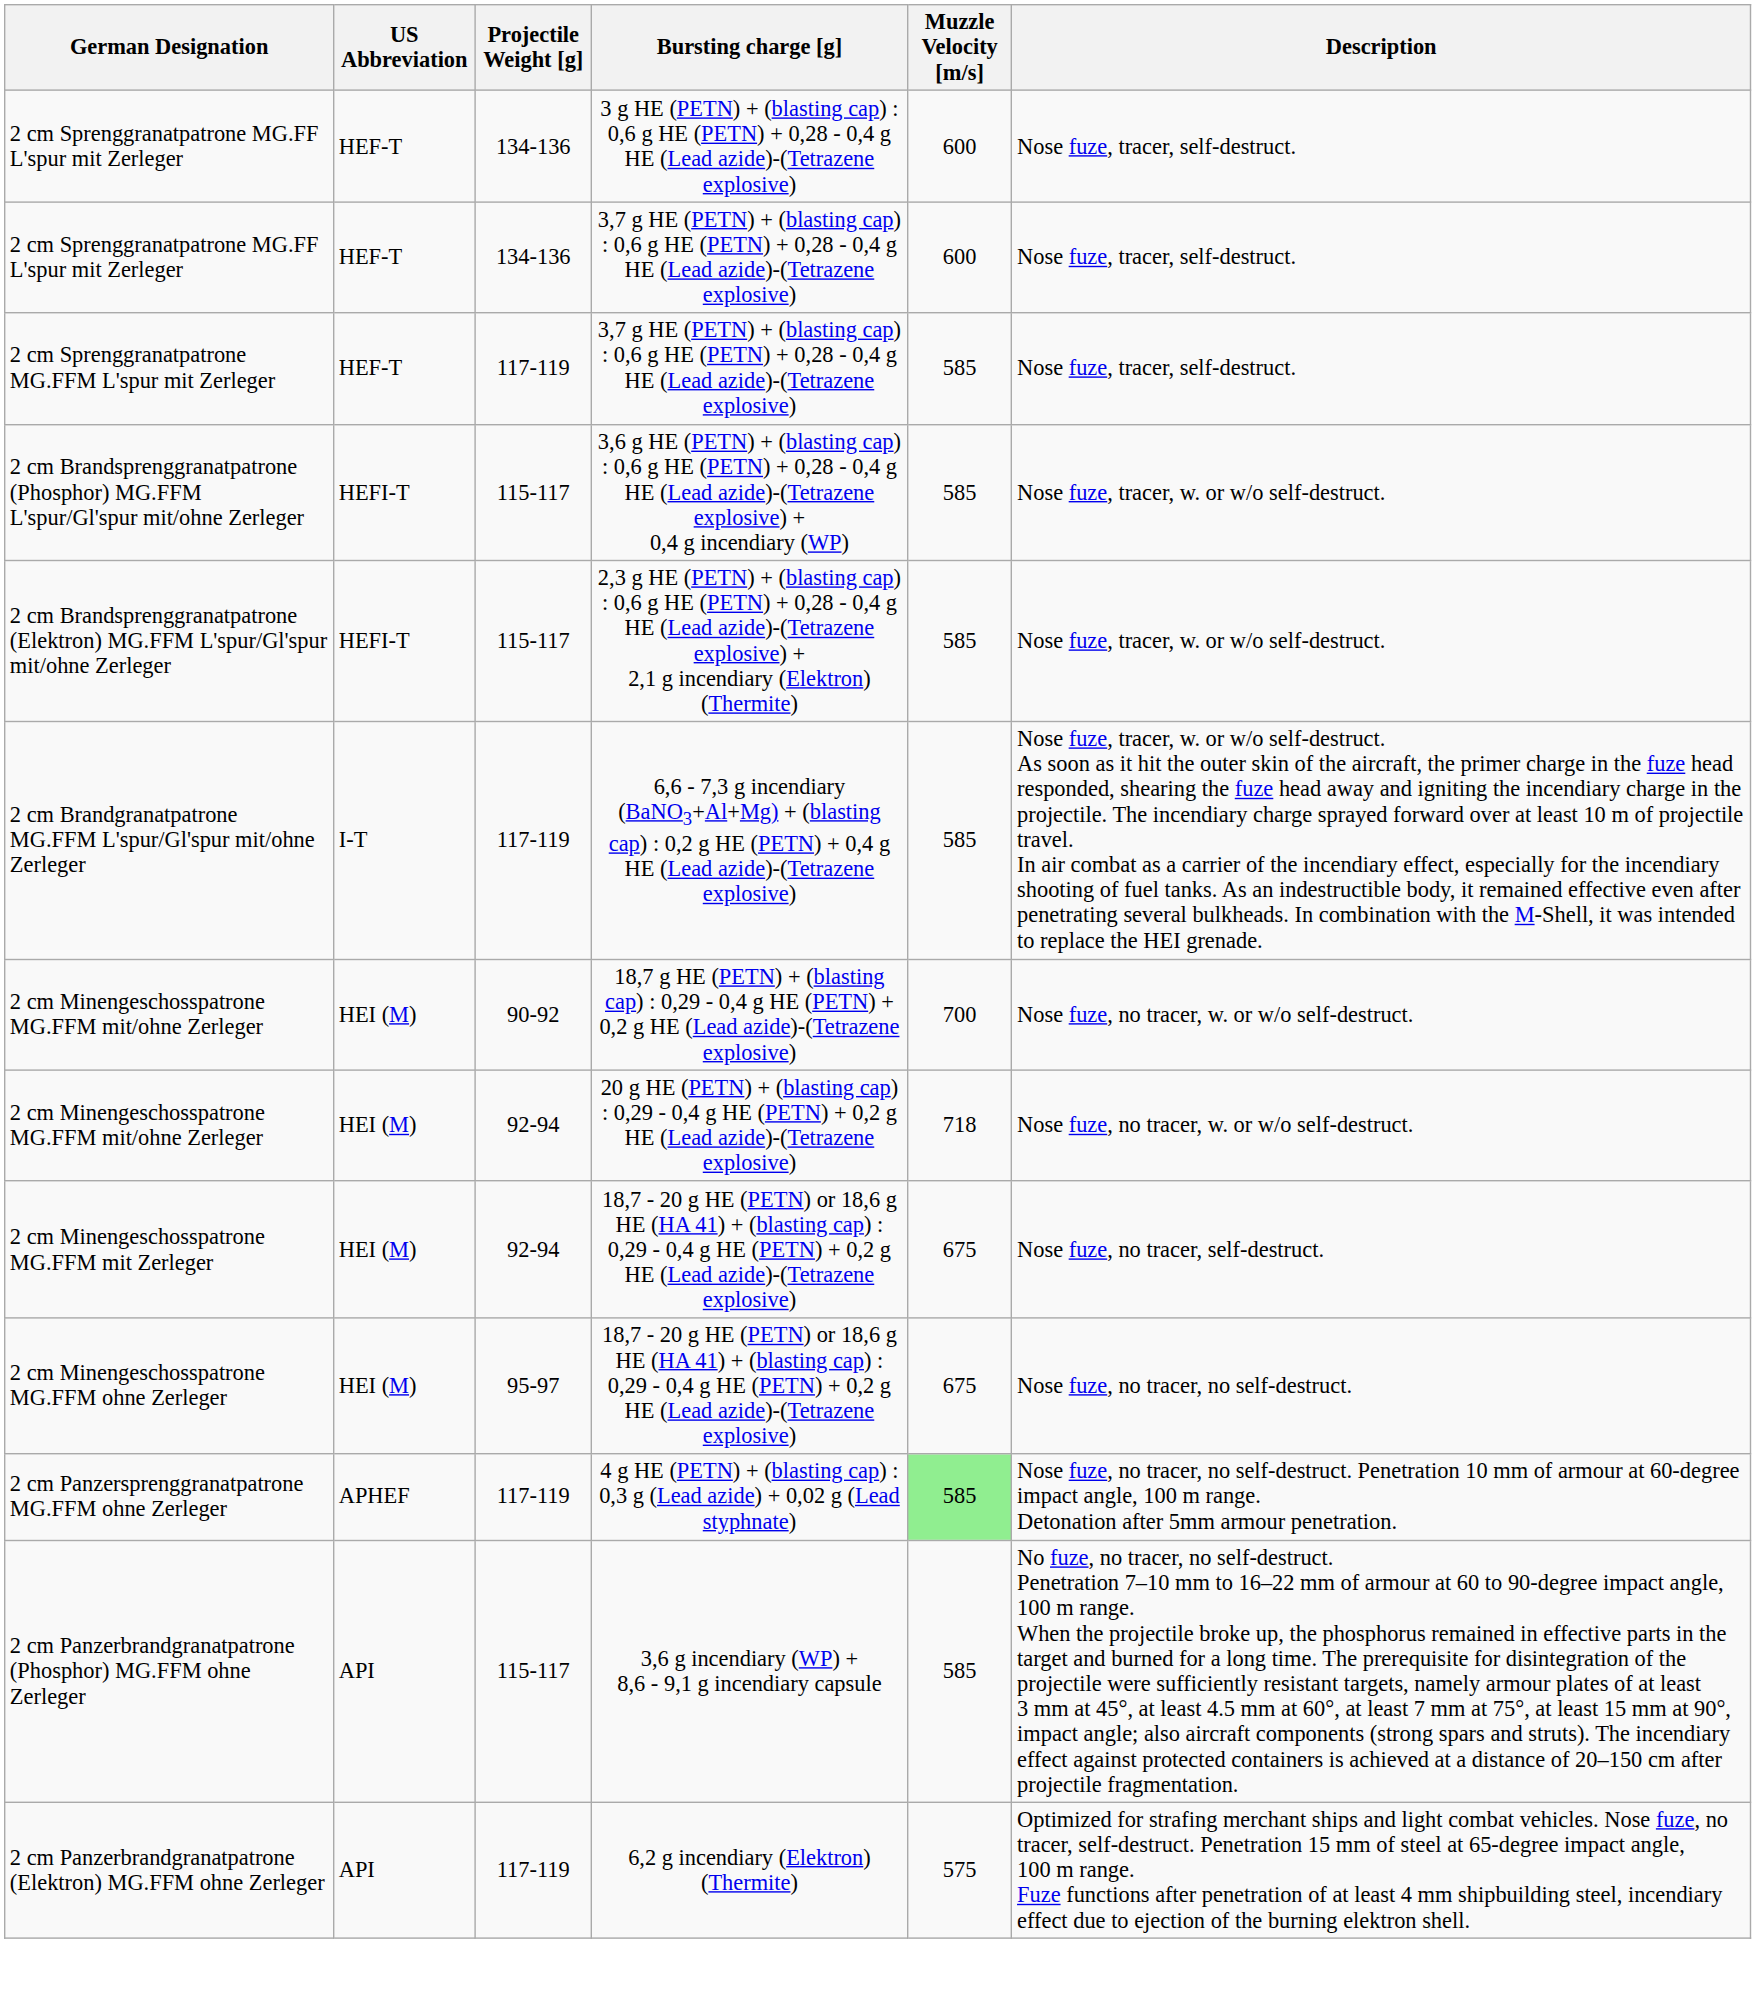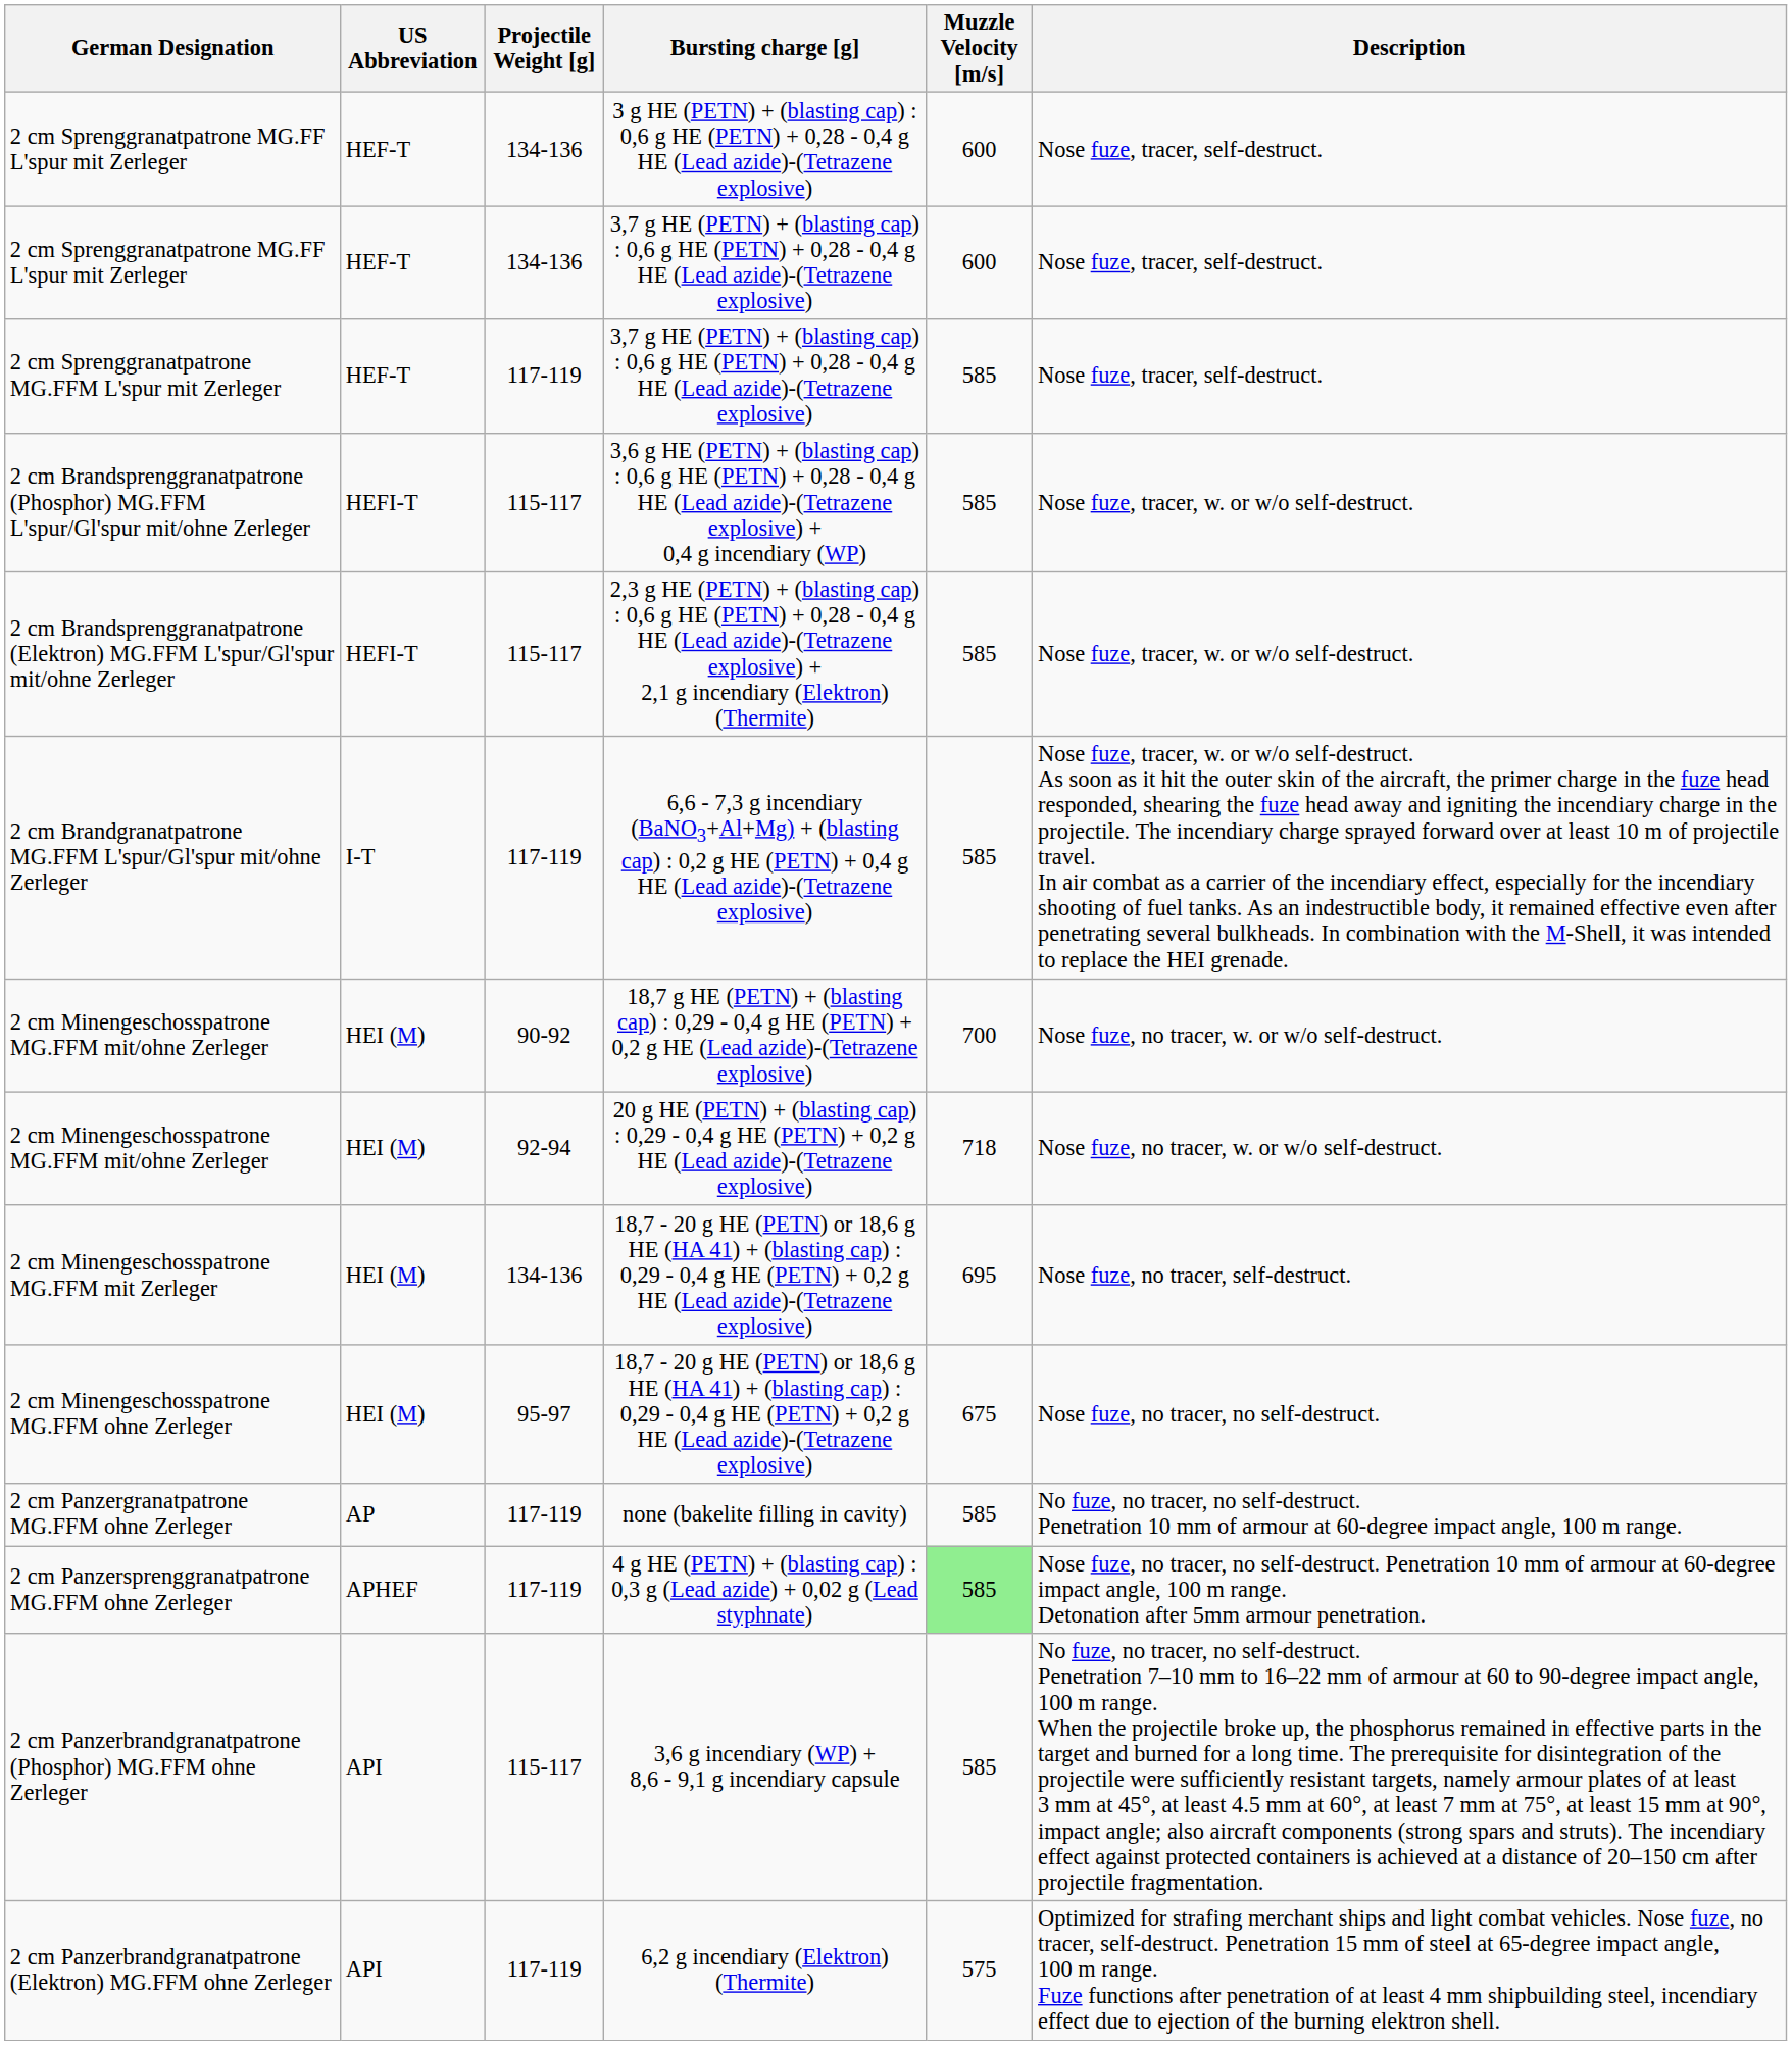 <table class="wikitable">
 <tr ---->
 <th><span>German Designation</span></th>
 <th><span>US Abbreviation</span></th>
 <th><span>Projectile Weight [g]</span></th>
 <th><span>Bursting charge [g]</span></th>
 <th><span>Muzzle Velocity [m/s]</span></th>
 <th><span>Description</span></th>
 </tr>
 <tr ---->
 <td>2 cm Sprenggranatpatrone MG.FF L'spur mit Zerleger</td>
 <td>HEF-T</td>
 <td align="center">134-136</td>
 <td align="center">3 g HE (<a href='#'>PETN</a>) + (<a href='#'>blasting cap</a>) : 0,6 g HE (<a href='#'>PETN</a>) + 0,28 - 0,4 g HE (<a href='#'>Lead azide</a>)-(<a href='#'>Tetrazene explosive</a>)</td>
 <td align="center">600</td>
 <td>Nose <a href='#'>fuze</a>, tracer, self-destruct.</td>
 </tr>
 <tr ---->
 <td>2 cm Sprenggranatpatrone MG.FF L'spur mit Zerleger</td>
 <td>HEF-T</td>
 <td align="center">134-136</td>
 <td align="center">3,7 g HE (<a href='#'>PETN</a>) + (<a href='#'>blasting cap</a>) : 0,6 g HE (<a href='#'>PETN</a>) + 0,28 - 0,4 g HE (<a href='#'>Lead azide</a>)-(<a href='#'>Tetrazene explosive</a>)</td>
 <td align="center">600</td>
 <td>Nose <a href='#'>fuze</a>, tracer, self-destruct.</td>
 </tr>
 <tr ---->
 <td>2 cm Sprenggranatpatrone MG.FFM L'spur mit Zerleger</td>
 <td>HEF-T</td>
 <td align="center">117-119</td>
 <td align="center">3,7 g HE (<a href='#'>PETN</a>) + (<a href='#'>blasting cap</a>) : 0,6 g HE (<a href='#'>PETN</a>) + 0,28 - 0,4 g HE (<a href='#'>Lead azide</a>)-(<a href='#'>Tetrazene explosive</a>)</td>
 <td align="center">585</td>
 <td>Nose <a href='#'>fuze</a>, tracer, self-destruct.</td>
 </tr>
 <tr ---->
 <td>2 cm Brandsprenggranatpatrone (Phosphor) MG.FFM L'spur/Gl'spur mit/ohne Zerleger</td>
 <td>HEFI-T</td>
 <td align="center">115-117</td>
 <td align="center">3,6 g HE (<a href='#'>PETN</a>) + (<a href='#'>blasting cap</a>) : 0,6 g HE (<a href='#'>PETN</a>) + 0,28 - 0,4 g HE (<a href='#'>Lead azide</a>)-(<a href='#'>Tetrazene explosive</a>) + <br>0,4 g incendiary (<a href='#'>WP</a>)</td>
 <td align="center">585</td>
 <td>Nose <a href='#'>fuze</a>, tracer, w. or w/o self-destruct.</td>
 </tr>
 <tr ---->
 <td>2 cm Brandsprenggranatpatrone (Elektron) MG.FFM L'spur/Gl'spur mit/ohne Zerleger</td>
 <td>HEFI-T</td>
 <td align="center">115-117</td>
 <td align="center">2,3 g HE (<a href='#'>PETN</a>) + (<a href='#'>blasting cap</a>) : 0,6 g HE (<a href='#'>PETN</a>) + 0,28 - 0,4 g HE (<a href='#'>Lead azide</a>)-(<a href='#'>Tetrazene explosive</a>) + <br>2,1 g incendiary (<a href='#'>Elektron</a>)(<a href='#'>Thermite</a>)</td>
 <td align="center">585</td>
 <td>Nose <a href='#'>fuze</a>, tracer, w. or w/o self-destruct.</td>
 </tr>
 <tr ---->
 <td>2 cm Brandgranatpatrone MG.FFM L'spur/Gl'spur mit/ohne Zerleger</td>
 <td>I-T</td>
 <td align="center">117-119</td>
 <td align="center">6,6 - 7,3 g incendiary (<a href='#'>BaNO<sub>3</sub></a>+<a href='#'>Al</a>+<a href='#'>Mg)</a> + (<a href='#'>blasting cap</a>) : 0,2 g HE (<a href='#'>PETN</a>) + 0,4 g HE (<a href='#'>Lead azide</a>)-(<a href='#'>Tetrazene explosive</a>)</td>
 <td align="center">585</td>
 <td>Nose <a href='#'>fuze</a>, tracer, w. or w/o self-destruct.<br>As soon as it hit the outer skin of the aircraft, the primer charge in the <a href='#'>fuze</a> head responded, shearing the <a href='#'>fuze</a> head away and igniting the incendiary charge in the projectile. The incendiary charge sprayed forward over at least 10 m of projectile travel. <br>In air combat as a carrier of the incendiary effect, especially for the incendiary shooting of fuel tanks. As an indestructible body, it remained effective even after penetrating several bulkheads. In combination with the <a href='#'>M</a>-Shell, it was intended to replace the HEI grenade.</td>
 </tr>
 <tr ---->
 <td>2 cm Minengeschosspatrone MG.FFM mit/ohne Zerleger</td>
 <td>HEI (<a href='#'>M</a>)</td>
 <td align="center">90-92</td>
 <td align="center">18,7 g HE (<a href='#'>PETN</a>) + (<a href='#'>blasting cap</a>) : 0,29 - 0,4 g HE (<a href='#'>PETN</a>) + 0,2 g HE (<a href='#'>Lead azide</a>)-(<a href='#'>Tetrazene explosive</a>)</td>
 <td align="center">700</td>
 <td>Nose <a href='#'>fuze</a>, no tracer, w. or w/o self-destruct.</td>
 </tr>
 <tr ---->
 <td>2 cm Minengeschosspatrone MG.FFM mit/ohne Zerleger</td>
 <td>HEI (<a href='#'>M</a>)</td>
 <td align="center">92-94</td>
 <td align="center">20 g HE (<a href='#'>PETN</a>) + (<a href='#'>blasting cap</a>) : 0,29 - 0,4 g HE (<a href='#'>PETN</a>) + 0,2 g HE (<a href='#'>Lead azide</a>)-(<a href='#'>Tetrazene explosive</a>)</td>
 <td align="center">718</td>
 <td>Nose <a href='#'>fuze</a>, no tracer, w. or w/o self-destruct.</td>
 </tr>
 <tr ---->
 <td>2 cm Minengeschosspatrone MG.FFM mit Zerleger</td>
 <td>HEI (<a href='#'>M</a>)</td>
-<td align="center">92-94</td>
+<td align="center">134-136</td>
 <td align="center">18,7 - 20 g HE (<a href='#'>PETN</a>) or 18,6 g HE (<a href='#'>HA 41</a>) + (<a href='#'>blasting cap</a>) : 0,29 - 0,4 g HE (<a href='#'>PETN</a>) + 0,2 g HE (<a href='#'>Lead azide</a>)-(<a href='#'>Tetrazene explosive</a>)</td>
-<td align="center">675</td>
+<td align="center">695</td>
 <td>Nose <a href='#'>fuze</a>, no tracer, self-destruct.</td>
 </tr>
 <tr ---->
 <td>2 cm Minengeschosspatrone MG.FFM ohne Zerleger</td>
 <td>HEI (<a href='#'>M</a>)</td>
 <td align="center">95-97</td>
 <td align="center">18,7 - 20 g HE (<a href='#'>PETN</a>) or 18,6 g HE (<a href='#'>HA 41</a>) + (<a href='#'>blasting cap</a>) : 0,29 - 0,4 g HE (<a href='#'>PETN</a>) + 0,2 g HE (<a href='#'>Lead azide</a>)-(<a href='#'>Tetrazene explosive</a>)</td>
 <td align="center">675</td>
 <td>Nose <a href='#'>fuze</a>, no tracer, no self-destruct.</td>
+</tr>
+<tr ---->
+<td>2 cm Panzergranatpatrone MG.FFM ohne Zerleger</td>
+<td>AP</td>
+<td align="center">117-119</td>
+<td align="center">none (bakelite filling in cavity)</td>
+<td align="center">585</td>
+<td>No <a href='#'>fuze</a>, no tracer, no self-destruct.<br>Penetration 10 mm of armour at 60-degree impact angle, 100 m range.</td>
 </tr>
 <tr ---->
 <td>2 cm Panzersprenggranatpatrone MG.FFM ohne Zerleger</td>
 <td>APHEF</td>
 <td align="center">117-119</td>
 <td align="center">4 g HE (<a href='#'>PETN</a>) + (<a href='#'>blasting cap</a>) : 0,3 g (<a href='#'>Lead azide</a>) + 0,02 g (<a href='#'>Lead styphnate</a>)</td>
 <td align="center" style="background: lightgreen;">585</td>
 <td>Nose <a href='#'>fuze</a>, no tracer, no self-destruct. Penetration 10 mm of armour at 60-degree impact angle, 100 m range.<br>Detonation after 5mm armour penetration.</td>
 </tr>
 <tr ---->
 <td>2 cm Panzerbrandgranatpatrone (Phosphor) MG.FFM ohne Zerleger</td>
 <td>API</td>
 <td align="center">115-117</td>
 <td align="center">3,6 g incendiary (<a href='#'>WP</a>) + <br> 8,6 - 9,1 g incendiary capsule</td>
 <td align="center">585</td>
 <td>No <a href='#'>fuze</a>, no tracer, no self-destruct.<br>Penetration 7–10 mm to 16–22 mm of armour at 60 to 90-degree impact angle, 100 m range.<br>When the projectile broke up, the phosphorus remained in effective parts in the target and burned for a long time. The prerequisite for disintegration of the projectile were sufficiently resistant targets, namely armour plates of at least 3 mm at 45°, at least 4.5 mm at 60°, at least 7 mm at 75°, at least 15 mm at 90°, impact angle; also aircraft components (strong spars and struts). The incendiary effect against protected containers is achieved at a distance of 20–150 cm after projectile fragmentation.</td>
 </tr>
 <tr ---->
 <td>2 cm Panzerbrandgranatpatrone (Elektron) MG.FFM ohne Zerleger</td>
 <td>API</td>
 <td align="center">117-119</td>
 <td align="center">6,2 g incendiary (<a href='#'>Elektron</a>)(<a href='#'>Thermite</a>)</td>
 <td align="center">575</td>
 <td>Optimized for strafing merchant ships and light combat vehicles. Nose <a href='#'>fuze</a>, no tracer, self-destruct. Penetration 15 mm of steel at 65-degree impact angle, 100 m range.<br><a href='#'>Fuze</a> functions after penetration of at least 4 mm shipbuilding steel, incendiary effect due to ejection of the burning elektron shell.</td>
 </tr>
 </table>
